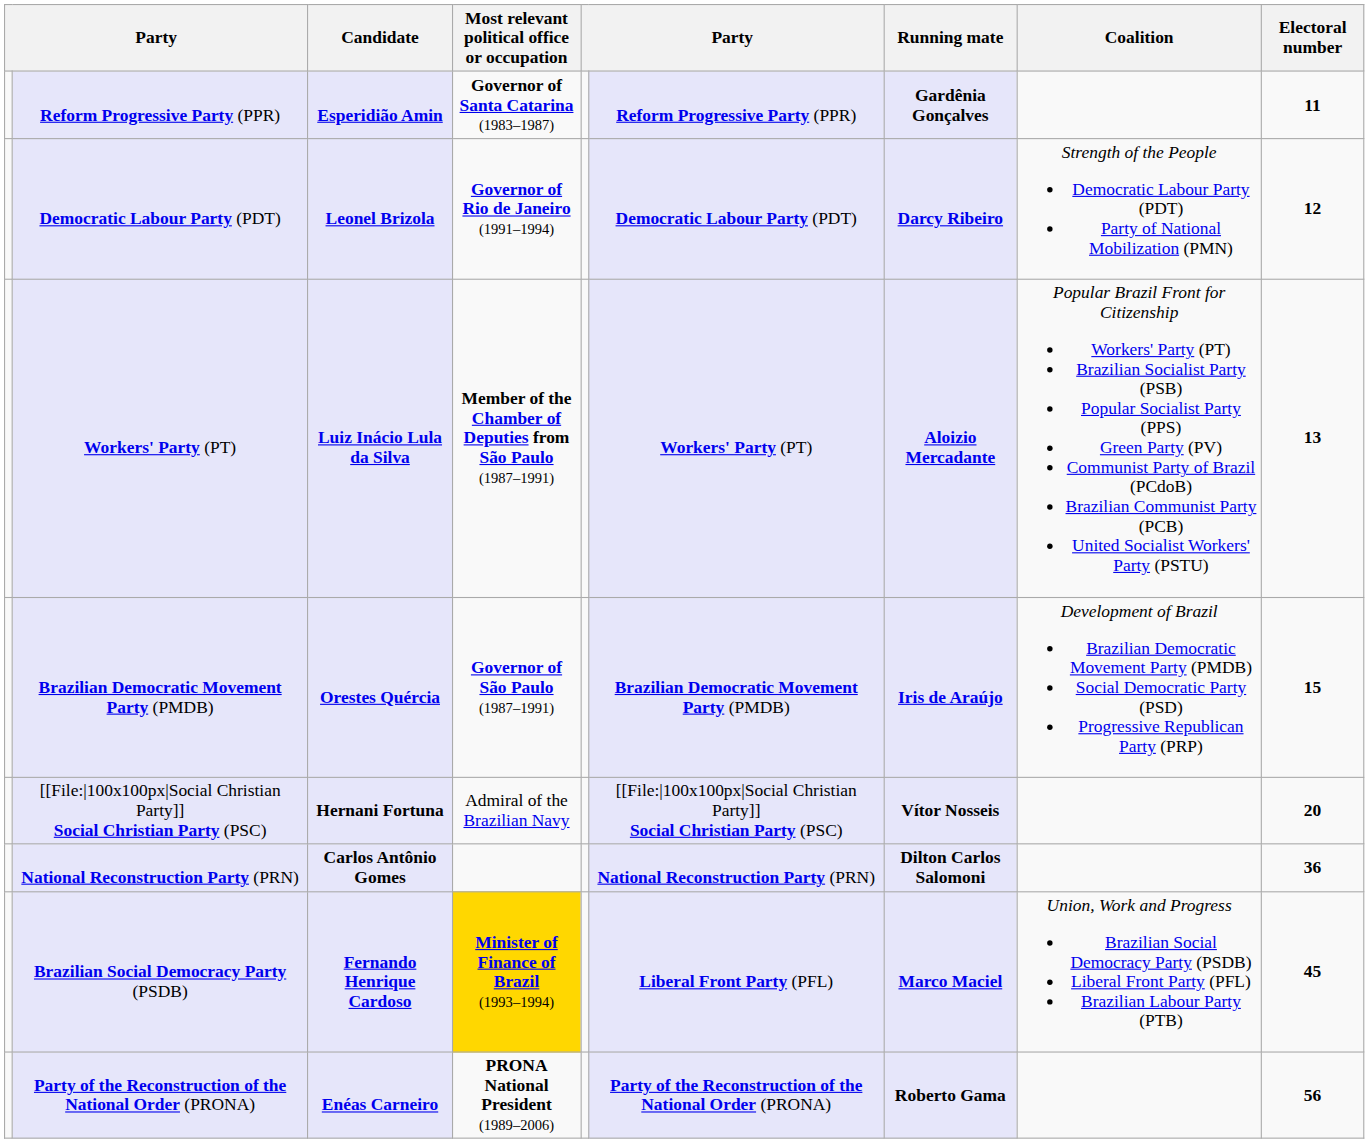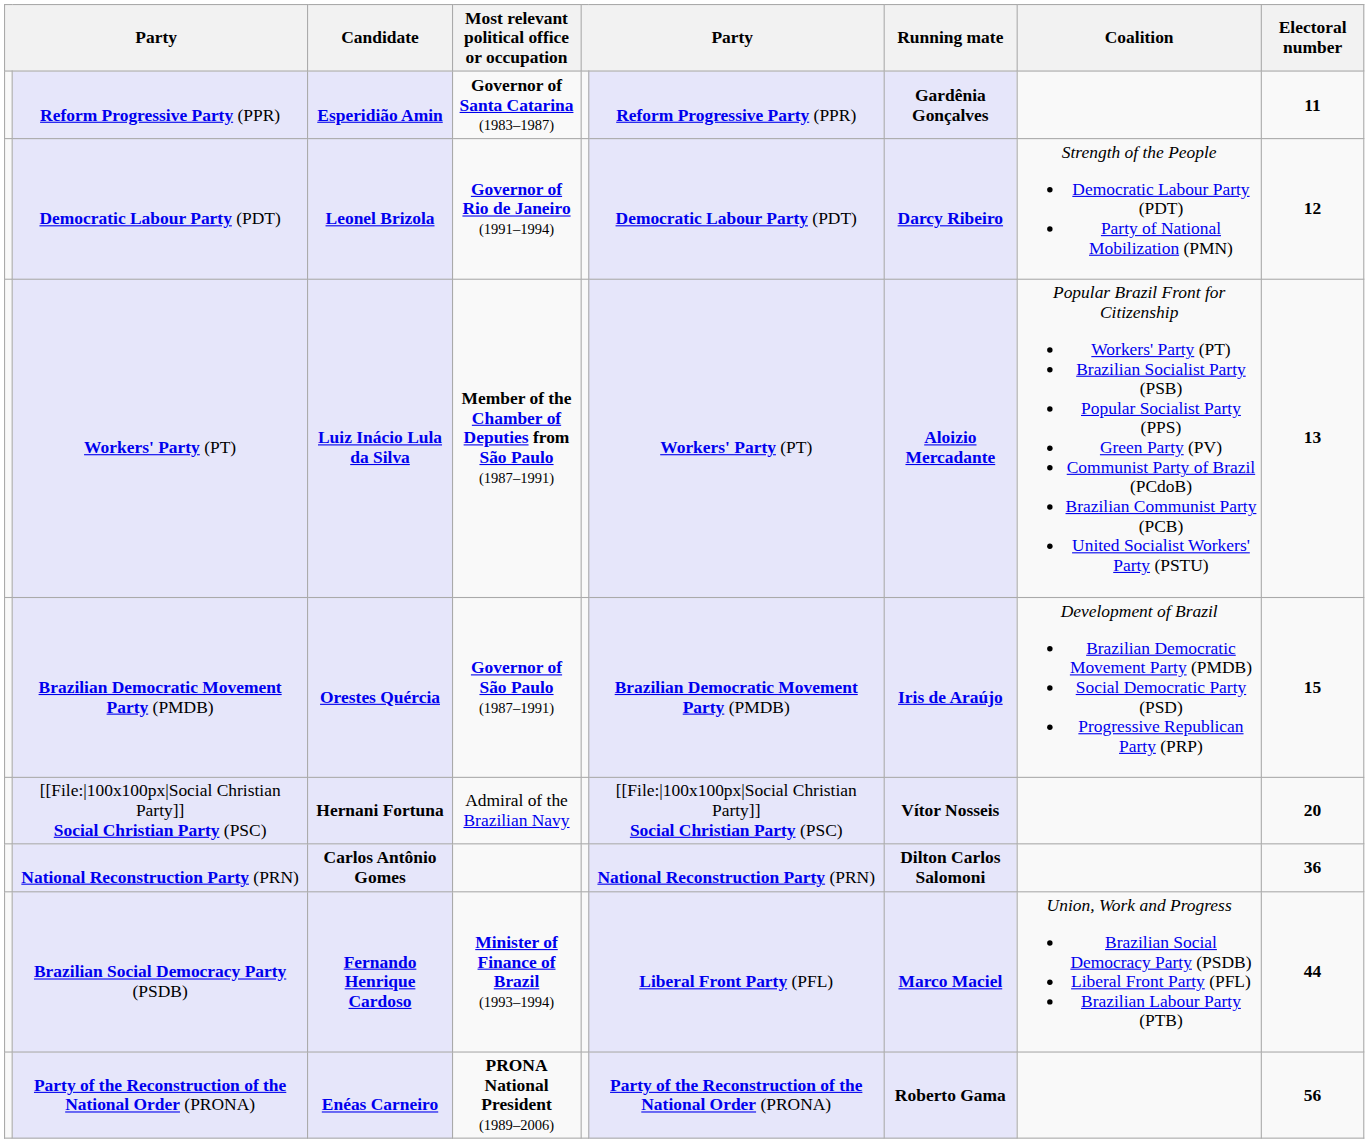 <table class="wikitable" style="text-align:center">
 <tr>
 <th colspan="2">Party</th>
 <th>Candidate</th>
 <th style="max-width:10em">Most relevant political office or occupation</th>
 <th colspan="2">Party</th>
 <th>Running mate</th>
 <th>Coalition</th>
 <th>Electoral number</th>
 </tr>
 <tr>
 <td style="background:"></td>
 <td style="background:lavender;" max-width:150px><br><strong><a href='#'>Reform Progressive Party</a></strong> (PPR)</td>
 <td style="background:lavender;" max-width:150px><br><strong><a href='#'>Esperidião Amin</a></strong></td>
 <td style="max-width:10em"><strong>Governor of <a href='#'>Santa Catarina</a></strong><br><small>(1983–1987)</small></td>
 <td style="background:"></td>
 <td style="background:lavender;" max-width:150px><br><strong><a href='#'>Reform Progressive Party</a></strong> (PPR)</td>
 <td style="background:lavender;" max-width:150px><strong>Gardênia Gonçalves</strong></td>
 <td></td>
 <td><strong>11</strong></td>
 </tr>
 <tr>
 <td style="background:"></td>
 <td style="background:lavender;" max-width:150px><br><strong><a href='#'>Democratic Labour Party</a></strong> (PDT)</td>
 <td style="background:lavender;" max-width:150px><br><strong><a href='#'>Leonel Brizola</a></strong></td>
 <td style="max-width:10em"><strong><a href='#'>Governor of Rio de Janeiro</a></strong><br><small>(1991–1994)</small></td>
 <td style="background:"></td>
 <td style="background:lavender;" max-width:150px><br><strong><a href='#'>Democratic Labour Party</a></strong> (PDT)</td>
 <td style="background:lavender;" max-width:150px><br><strong><a href='#'>Darcy Ribeiro</a></strong></td>
 <td><em>Strength of the People</em><br><ul><li><a href='#'>Democratic Labour Party</a> (PDT)</li><li><a href='#'>Party of National Mobilization</a> (PMN)</li></ul></td>
 <td><strong>12</strong></td>
 </tr>
 <tr>
 <td style="background:"></td>
 <td style="background:lavender;" max-width:150px><br><strong><a href='#'>Workers' Party</a></strong> (PT)</td>
 <td style="background:lavender;" max-width:150px><br><strong><a href='#'>Luiz Inácio Lula da Silva</a></strong></td>
 <td style="max-width:10em"><strong>Member of the <a href='#'>Chamber of Deputies</a> from <a href='#'>São Paulo</a></strong><br><small>(1987–1991)</small></td>
 <td style="background:"></td>
 <td style="background:lavender;" max-width:150px><br><strong><a href='#'>Workers' Party</a></strong> (PT)</td>
 <td style="background:lavender;" max-width:150px><br><strong><a href='#'>Aloizio Mercadante</a></strong></td>
 <td><em>Popular Brazil Front for Citizenship</em><br><ul><li><a href='#'>Workers' Party</a> (PT)</li><li><a href='#'>Brazilian Socialist Party</a> (PSB)</li><li><a href='#'>Popular Socialist Party</a> (PPS)</li><li><a href='#'>Green Party</a> (PV)</li><li><a href='#'>Communist Party of Brazil</a> (PCdoB)</li><li><a href='#'>Brazilian Communist Party</a> (PCB)</li><li><a href='#'>United Socialist Workers' Party</a> (PSTU)</li></ul></td>
 <td><strong>13</strong></td>
 </tr>
 <tr>
 <td style="background:"></td>
 <td style="background:lavender;" max-width:150px><br><strong><a href='#'>Brazilian Democratic Movement Party</a></strong> (PMDB)</td>
 <td style="background:lavender;" max-width:150px><br><strong><a href='#'>Orestes Quércia</a></strong></td>
 <td style="max-width:10em"><strong><a href='#'>Governor of São Paulo</a></strong><br><small>(1987–1991)</small></td>
 <td style="background:"></td>
 <td style="background:lavender;" max-width:150px><br><strong><a href='#'>Brazilian Democratic Movement Party</a></strong> (PMDB)</td>
 <td style="background:lavender;" max-width:150px><br><strong><a href='#'>Iris de Araújo</a></strong></td>
 <td><em>Development of Brazil</em><br><ul><li><a href='#'>Brazilian Democratic Movement Party</a> (PMDB)</li><li><a href='#'>Social Democratic Party</a> (PSD)</li><li><a href='#'>Progressive Republican Party</a> (PRP)</li></ul></td>
 <td><strong>15</strong></td>
 </tr>
 <tr>
 <td style="background:"></td>
 <td style="background:lavender;" max-width:150px>[[File:|100x100px|Social Christian Party]]<br><strong><a href='#'>Social Christian Party</a></strong> (PSC)</td>
 <td style="background:lavender;" max-width:150px><strong>Hernani Fortuna</strong></td>
 <td style="max-width:10em">Admiral of the <a href='#'>Brazilian Navy</a></td>
 <td style="background:"></td>
 <td style="background:lavender;" max-width:150px>[[File:|100x100px|Social Christian Party]]<br><strong><a href='#'>Social Christian Party</a></strong> (PSC)</td>
 <td style="background:lavender;" max-width:150px><strong>Vítor Nosseis</strong></td>
 <td></td>
 <td><strong>20</strong></td>
 </tr>
 <tr>
 <td style="background:"></td>
 <td style="background:lavender;" max-width:150px><br><strong><a href='#'>National Reconstruction Party</a></strong> (PRN)</td>
 <td style="background:lavender;" max-width:150px><strong>Carlos Antônio Gomes</strong></td>
 <td style="max-width:10em"></td>
 <td style="background:"></td>
 <td style="background:lavender;" max-width:150px><br><strong><a href='#'>National Reconstruction Party</a></strong> (PRN)</td>
 <td style="background:lavender;" max-width:150px><strong>Dilton Carlos Salomoni</strong></td>
 <td></td>
 <td><strong>36</strong></td>
 </tr>
 <tr>
 <td style="background:"></td>
 <td style="background:lavender;" max-width:150px><br><strong><a href='#'>Brazilian Social Democracy Party</a></strong> (PSDB)</td>
 <td style="background:lavender;" max-width:150px><br><strong><a href='#'>Fernando Henrique Cardoso</a></strong></td>
-<td style="background: gold; max-width:10em"><strong><a href='#'>Minister of Finance of Brazil</a></strong><br><small>(1993–1994)</small></td>
+<td style="max-width:10em"><strong><a href='#'>Minister of Finance of Brazil</a></strong><br><small>(1993–1994)</small></td>
 <td style="background:"></td>
 <td style="background:lavender;" max-width:150px><br><strong><a href='#'>Liberal Front Party</a></strong> (PFL)</td>
 <td style="background:lavender;" max-width:150px><br><strong><a href='#'>Marco Maciel</a></strong></td>
 <td><em>Union, Work and Progress</em><br><ul><li><a href='#'>Brazilian Social Democracy Party</a> (PSDB)</li><li><a href='#'>Liberal Front Party</a> (PFL)</li><li><a href='#'>Brazilian Labour Party</a> (PTB)</li></ul></td>
-<td><strong>45</strong></td>
+<td><strong>44</strong></td>
 </tr>
 <tr>
 <td style="background:"></td>
 <td style="background:lavender;" max-width:150px><strong><a href='#'>Party of the Reconstruction of the National Order</a></strong> (PRONA)</td>
 <td style="background:lavender;" max-width:150px><br><strong><a href='#'>Enéas Carneiro</a></strong></td>
 <td style="max-width:10em"><strong>PRONA National President</strong><br><small>(1989–2006)</small></td>
 <td style="background:"></td>
 <td style="background:lavender;" max-width:150px><strong><a href='#'>Party of the Reconstruction of the National Order</a></strong> (PRONA)</td>
 <td style="background:lavender;" max-width:150px><strong>Roberto Gama</strong></td>
 <td></td>
 <td><strong>56</strong></td>
 </tr>
 </table>
